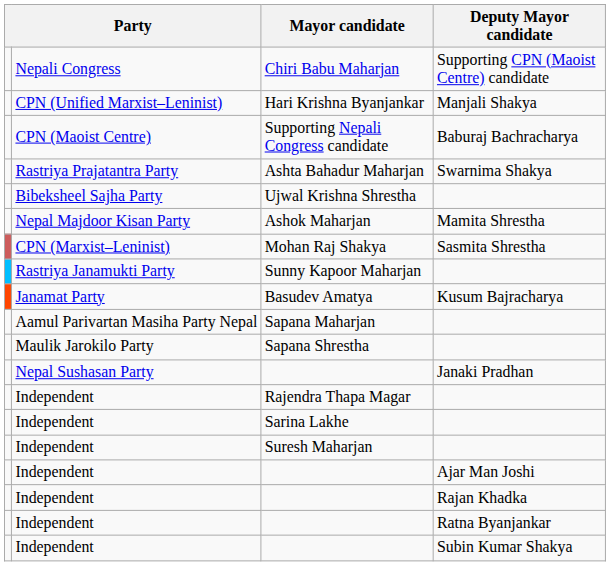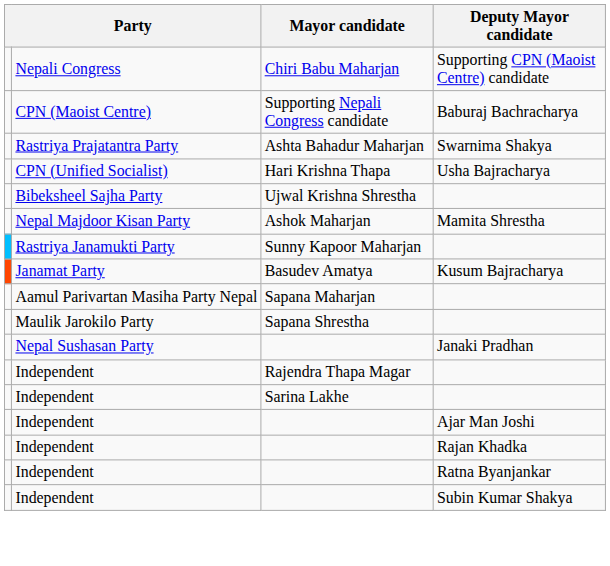 <table class="wikitable">
 <tr>
 <th colspan="2">Party</th>
 <th style="width: 125pt;">Mayor candidate</th>
 <th style="width: 125pt;">Deputy Mayor candidate</th>
 </tr>
 <tr>
 <td style="background-color:"></td>
 <td><a href='#'>Nepali Congress</a></td>
 <td><a href='#'>Chiri Babu Maharjan</a></td>
 <td>Supporting <a href='#'>CPN (Maoist Centre)</a> candidate</td>
-</tr>
-<tr>
-<td style="background-color:"></td>
-<td><a href='#'>CPN (Unified Marxist–Leninist)</a></td>
-<td>Hari Krishna Byanjankar</td>
-<td>Manjali Shakya</td>
 </tr>
 <tr>
 <td style="background-color:"></td>
 <td><a href='#'>CPN (Maoist Centre)</a></td>
 <td>Supporting <a href='#'>Nepali Congress</a> candidate</td>
 <td>Baburaj Bachracharya</td>
 </tr>
 <tr>
 <td style="background-color:"></td>
 <td><a href='#'>Rastriya Prajatantra Party</a></td>
 <td>Ashta Bahadur Maharjan</td>
 <td>Swarnima Shakya</td>
 </tr>
 <tr>
 <td style="background-color:"></td>
+<td><a href='#'>CPN (Unified Socialist)</a></td>
+<td>Hari Krishna Thapa</td>
+<td>Usha Bajracharya</td>
+</tr>
+<tr>
+<td style="background-color:"></td>
 <td><a href='#'>Bibeksheel Sajha Party</a></td>
 <td>Ujwal Krishna Shrestha</td>
 <td></td>
 </tr>
 <tr>
 <td style="background-color:"></td>
 <td><a href='#'>Nepal Majdoor Kisan Party</a></td>
 <td>Ashok Maharjan</td>
 <td>Mamita Shrestha</td>
-</tr>
-<tr>
-<td style="background-color:indianred;"></td>
-<td><a href='#'>CPN (Marxist–Leninist)</a></td>
-<td>Mohan Raj Shakya</td>
-<td>Sasmita Shrestha</td>
 </tr>
 <tr>
 <td style="background-color:deepskyblue;"></td>
 <td><a href='#'>Rastriya Janamukti Party</a></td>
 <td>Sunny Kapoor Maharjan</td>
 <td></td>
 </tr>
 <tr>
 <td style="background-color:orangered;"></td>
 <td><a href='#'>Janamat Party</a></td>
 <td>Basudev Amatya</td>
 <td>Kusum Bajracharya</td>
 </tr>
 <tr>
 <td></td>
 <td>Aamul Parivartan Masiha Party Nepal</td>
 <td>Sapana Maharjan</td>
 <td></td>
 </tr>
 <tr>
 <td></td>
 <td>Maulik Jarokilo Party</td>
 <td>Sapana Shrestha</td>
 <td></td>
 </tr>
 <tr>
 <td></td>
 <td><a href='#'>Nepal Sushasan Party</a></td>
 <td></td>
 <td>Janaki Pradhan</td>
 </tr>
 <tr>
 <td></td>
 <td>Independent</td>
 <td>Rajendra Thapa Magar</td>
 <td></td>
 </tr>
 <tr>
 <td></td>
 <td>Independent</td>
 <td>Sarina Lakhe</td>
 <td></td>
 </tr>
 <tr>
 <td></td>
 <td>Independent</td>
-<td>Suresh Maharjan</td>
-<td></td>
-</tr>
-<tr>
-<td></td>
-<td>Independent</td>
 <td></td>
 <td>Ajar Man Joshi</td>
 </tr>
 <tr>
 <td></td>
 <td>Independent</td>
 <td></td>
 <td>Rajan Khadka</td>
 </tr>
 <tr>
 <td></td>
 <td>Independent</td>
 <td></td>
 <td>Ratna Byanjankar</td>
 </tr>
 <tr>
 <td></td>
 <td>Independent</td>
 <td></td>
 <td>Subin Kumar Shakya</td>
 </tr>
 </table>
